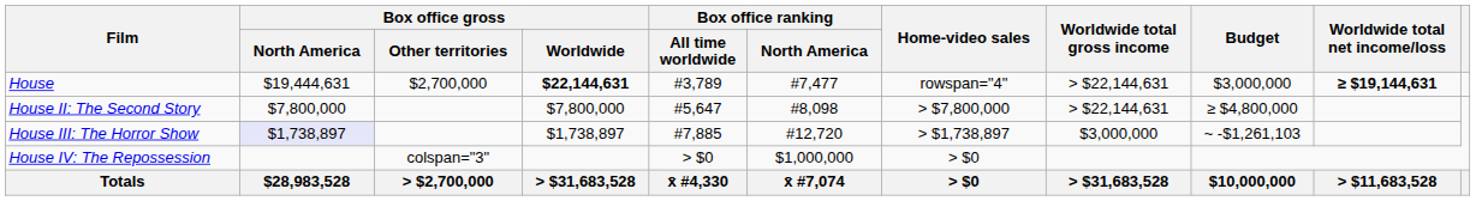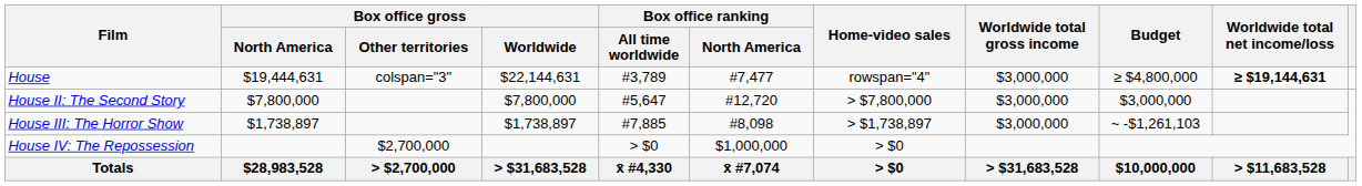 <table class="wikitable" width=95% border="1" style="text-align: center;">
 <tr>
 <th rowspan="2" style="width:16%;">Film</th>
 <th colspan="3">Box office gross</th>
 <th colspan="2">Box office ranking</th>
 <th rowspan="2">Home-video sales</th>
 <th rowspan="2">Worldwide total<br>gross income</th>
 <th rowspan="2">Budget</th>
 <th rowspan="2">Worldwide total<br>net income/loss</th>
 <th rowspan="2"></th>
 </tr>
 <tr>
 <th>North America</th>
 <th>Other territories</th>
 <th>Worldwide</th>
 <th>All time<br>worldwide</th>
 <th>North America</th>
 </tr>
 <tr>
 <td style="text-align: left;"><em><a href='#'>House</a></em></td>
 <td>$19,444,631</td>
-<td>$2,700,000</td>
-<td><strong>$22,144,631</strong></td>
+<td>colspan="3" </td>
+<td>$22,144,631</td>
 <td>#3,789</td>
 <td>#7,477</td>
 <td>rowspan="4" </td>
-<td>> $22,144,631</td>
 <td>$3,000,000</td>
+<td>≥ $4,800,000</td>
 <td><strong>≥ $19,144,631</strong></td>
 <td></td>
 </tr>
 <tr>
 <td style="text-align: left;"><em><a href='#'>House II: The Second Story</a></em></td>
 <td>$7,800,000</td>
 <td></td>
 <td>$7,800,000</td>
 <td>#5,647</td>
-<td>#8,098</td>
+<td>#12,720</td>
 <td>> $7,800,000</td>
-<td>> $22,144,631</td>
-<td>≥ $4,800,000</td>
+<td>$3,000,000</td>
+<td>$3,000,000</td>
 <td></td>
 </tr>
 <tr>
 <td style="text-align: left;"><em><a href='#'>House III: The Horror Show</a></em></td>
-<td style="background: lavender;">$1,738,897</td>
+<td>$1,738,897</td>
 <td></td>
 <td>$1,738,897</td>
 <td>#7,885</td>
-<td>#12,720</td>
+<td>#8,098</td>
 <td>> $1,738,897</td>
 <td>$3,000,000</td>
 <td>~ -$1,261,103</td>
 <td></td>
 </tr>
 <tr>
 <td style="text-align: left;"><em><a href='#'>House IV: The Repossession</a></em></td>
 <td></td>
-<td>colspan="3" </td>
+<td>$2,700,000</td>
 <td></td>
 <td>> $0</td>
 <td>$1,000,000</td>
 <td>> $0</td>
 <td></td>
 </tr>
 <tr>
 <th>Totals</th>
 <th>$28,983,528</th>
 <th>> $2,700,000</th>
 <th>> $31,683,528</th>
 <th>x̄ #4,330</th>
 <th>x̄ #7,074</th>
 <th>> $0</th>
 <th>> $31,683,528</th>
 <th>$10,000,000</th>
 <th>> $11,683,528</th>
 <th></th>
 </tr>
 </table>
